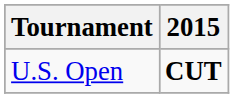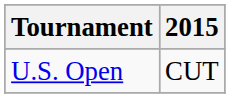 <table class="wikitable" style="font-size:95%;text-align:center;">
 <tr>
 <th>Tournament</th>
 <th>2015</th>
 </tr>
 <tr>
 <td align=left><a href='#'>U.S. Open</a></td>
-<td><strong>CUT</strong></td>
+<td>CUT</td>
 </tr>
 </table>
